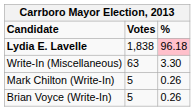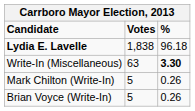 <table class="wikitable">
 <tr>
 <th colspan="3">Carrboro Mayor Election, 2013</th>
 </tr>
 <tr>
 <td><strong>Candidate</strong></td>
 <td><strong>Votes</strong></td>
 <td><strong>%</strong></td>
 </tr>
 <tr>
 <td><strong>Lydia E. Lavelle</strong></td>
 <td>1,838</td>
-<td style="background: pink;">96.18</td>
+<td>96.18</td>
 </tr>
 <tr>
 <td>Write-In (Miscellaneous)</td>
 <td>63</td>
-<td>3.30</td>
+<td><strong>3.30</strong></td>
 </tr>
 <tr>
 <td>Mark Chilton (Write-In)</td>
 <td>5</td>
 <td>0.26</td>
 </tr>
 <tr>
 <td>Brian Voyce (Write-In)</td>
 <td>5</td>
 <td>0.26</td>
 </tr>
 </table>
